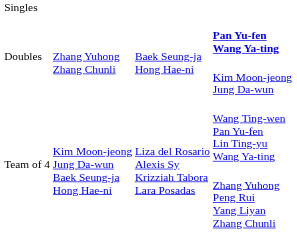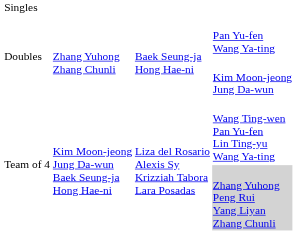 <table>
 <tr>
 <td rowspan=2>Singles</td>
 <td rowspan=2></td>
 <td rowspan=2></td>
 <td></td>
 </tr>
 <tr>
 <td></td>
 </tr>
 <tr>
 <td rowspan=2>Doubles</td>
 <td rowspan=2><br><a href='#'>Zhang Yuhong</a><br><a href='#'>Zhang Chunli</a></td>
 <td rowspan=2><br><a href='#'>Baek Seung-ja</a><br><a href='#'>Hong Hae-ni</a></td>
-<td><strong><br><a href='#'>Pan Yu-fen</a><br><a href='#'>Wang Ya-ting</a></strong></td>
+<td><br><a href='#'>Pan Yu-fen</a><br><a href='#'>Wang Ya-ting</a></td>
 </tr>
 <tr>
 <td><br><a href='#'>Kim Moon-jeong</a><br><a href='#'>Jung Da-wun</a></td>
 </tr>
 <tr>
 <td rowspan=2>Team of 4</td>
 <td rowspan=2><br><a href='#'>Kim Moon-jeong</a><br><a href='#'>Jung Da-wun</a><br><a href='#'>Baek Seung-ja</a><br><a href='#'>Hong Hae-ni</a></td>
 <td rowspan=2><br><a href='#'>Liza del Rosario</a><br><a href='#'>Alexis Sy</a><br><a href='#'>Krizziah Tabora</a><br><a href='#'>Lara Posadas</a></td>
 <td><br><a href='#'>Wang Ting-wen</a><br><a href='#'>Pan Yu-fen</a><br><a href='#'>Lin Ting-yu</a><br><a href='#'>Wang Ya-ting</a></td>
 </tr>
 <tr>
-<td><br><a href='#'>Zhang Yuhong</a><br><a href='#'>Peng Rui</a><br><a href='#'>Yang Liyan</a><br><a href='#'>Zhang Chunli</a></td>
+<td style="background: lightgrey;"><br><a href='#'>Zhang Yuhong</a><br><a href='#'>Peng Rui</a><br><a href='#'>Yang Liyan</a><br><a href='#'>Zhang Chunli</a></td>
 </tr>
 </table>
